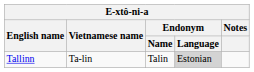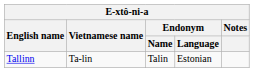 <table class="wikitable sortable">
 <tr>
 <th colspan="5"> E-xtô-ni-a</th>
 </tr>
 <tr>
 <th rowspan="2">English name</th>
 <th rowspan="2">Vietnamese name</th>
 <th colspan="2">Endonym</th>
 <th>Notes</th>
 </tr>
 <tr>
 <th>Name</th>
 <th>Language</th>
 <th></th>
 </tr>
 <tr>
 <td><a href='#'>Tallinn</a></td>
 <td>Ta-lin</td>
 <td>Talin</td>
-<td style="background: lightgrey;">Estonian</td>
+<td>Estonian</td>
 </tr>
 </table>
